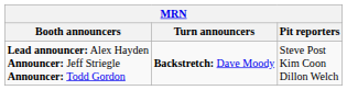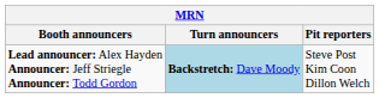 <table class="wikitable" style="font-size: 95%">
 <tr>
 <th colspan="3"><a href='#'>MRN</a></th>
 </tr>
 <tr>
 <th>Booth announcers</th>
 <th>Turn announcers</th>
 <th>Pit reporters</th>
 </tr>
 <tr>
 <td><strong>Lead announcer:</strong> Alex Hayden<br><strong>Announcer:</strong> Jeff Striegle<br><strong>Announcer:</strong> <a href='#'>Todd Gordon</a></td>
-<td><strong>Backstretch:</strong> <a href='#'>Dave Moody</a></td>
+<td style="background: lightblue;"><strong>Backstretch:</strong> <a href='#'>Dave Moody</a></td>
 <td>Steve Post<br>Kim Coon<br>Dillon Welch</td>
 </tr>
 </table>
